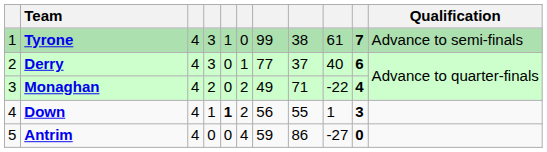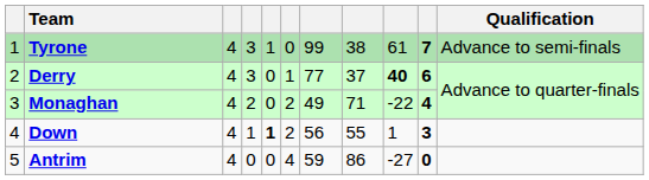 <table class="wikitable">
 <tr>
 <th width="10"></th>
 <th width="170" style="text-align:left;">Team</th>
 <th width="10"></th>
 <th width="10"></th>
 <th width="10"></th>
 <th width="10"></th>
 <th width="30"></th>
 <th width="30"></th>
 <th width="10"></th>
 <th width="10"></th>
 <th>Qualification</th>
 </tr>
 <tr style="background:#ace1af">
 <td>1</td>
 <td align="left"><strong> <a href='#'>Tyrone</a></strong></td>
 <td>4</td>
 <td>3</td>
 <td>1</td>
 <td>0</td>
 <td>99</td>
 <td>38</td>
 <td>61</td>
 <td><strong>7</strong></td>
 <td>Advance to semi-finals</td>
 </tr>
 <tr style="background:#ccffcc">
 <td>2</td>
 <td align="left"><strong> <a href='#'>Derry</a></strong></td>
 <td>4</td>
 <td>3</td>
 <td>0</td>
 <td>1</td>
 <td>77</td>
 <td>37</td>
-<td>40</td>
+<td><strong>40</strong></td>
 <td><strong>6</strong></td>
 <td rowspan=2>Advance to quarter-finals</td>
 </tr>
 <tr style="background:#ccffcc">
 <td>3</td>
 <td align="left"><strong> <a href='#'>Monaghan</a></strong></td>
 <td>4</td>
 <td>2</td>
 <td>0</td>
 <td>2</td>
 <td>49</td>
 <td>71</td>
 <td>-22</td>
 <td><strong>4</strong></td>
 </tr>
 <tr>
 <td>4</td>
 <td align="left"><strong> <a href='#'>Down</a></strong></td>
 <td>4</td>
 <td>1</td>
 <td><strong>1</strong></td>
 <td>2</td>
 <td>56</td>
 <td>55</td>
 <td>1</td>
 <td><strong>3</strong></td>
 <td></td>
 </tr>
 <tr>
 <td>5</td>
 <td align="left"><strong> <a href='#'>Antrim</a></strong></td>
 <td>4</td>
 <td>0</td>
 <td>0</td>
 <td>4</td>
 <td>59</td>
 <td>86</td>
 <td>-27</td>
 <td><strong>0</strong></td>
 <td></td>
 </tr>
 </table>
